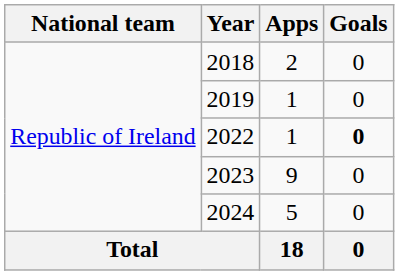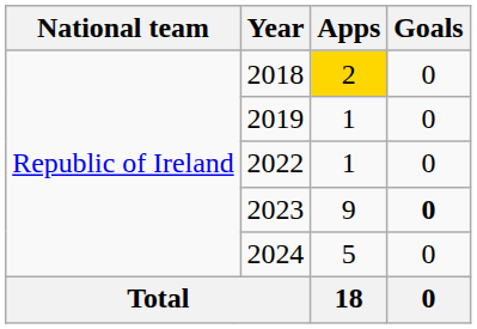 <table class="wikitable" style="text-align:center">
 <tr>
 <th>National team</th>
 <th>Year</th>
 <th>Apps</th>
 <th>Goals</th>
 </tr>
 <tr>
 <td rowspan="5"><a href='#'>Republic of Ireland</a></td>
 <td>2018</td>
-<td>2</td>
+<td style="background: gold;">2</td>
 <td>0</td>
 </tr>
 <tr>
 <td>2019</td>
 <td>1</td>
 <td>0</td>
 </tr>
 <tr>
 <td>2022</td>
 <td>1</td>
-<td><strong>0</strong></td>
+<td>0</td>
 </tr>
 <tr>
 <td>2023</td>
 <td>9</td>
-<td>0</td>
+<td><strong>0</strong></td>
 </tr>
 <tr>
 <td>2024</td>
 <td>5</td>
 <td>0</td>
 </tr>
 <tr>
 <th colspan="2">Total</th>
 <th>18</th>
 <th>0</th>
 </tr>
 </table>
